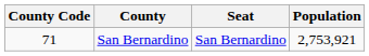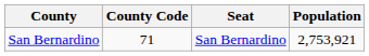 <table class="wikitable sortable" style="text-align:center;">
 <tr>
+<th>County</th>
 <th> County Code</th>
-<th>County</th>
 <th>Seat</th>
 <th>Population</th>
 </tr>
 <tr>
+<td><a href='#'>San Bernardino</a></td>
 <td>71</td>
-<td><a href='#'>San Bernardino</a></td>
 <td><a href='#'>San Bernardino</a></td>
 <td>2,753,921</td>
 </tr>
 </table>
